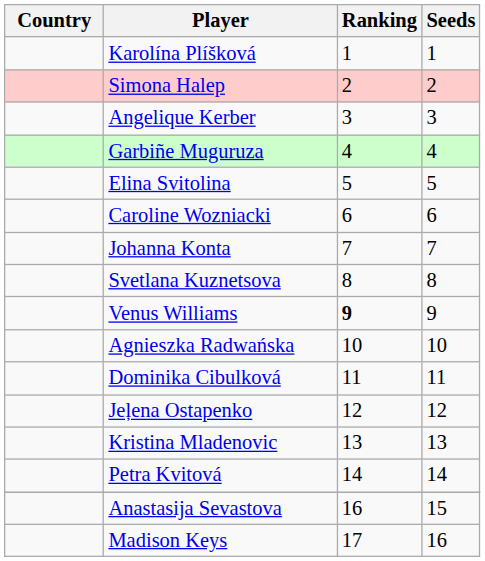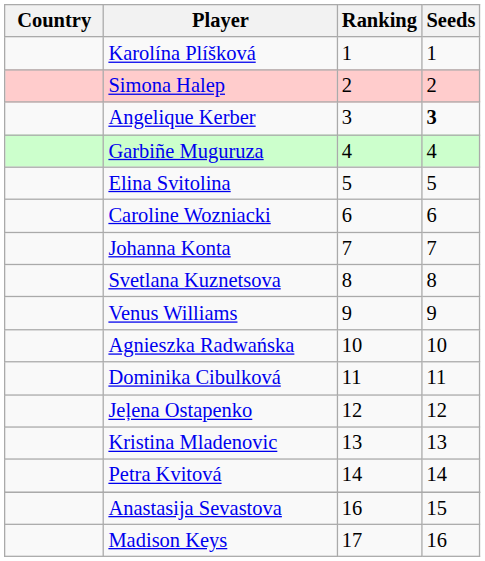 <table class="sortable wikitable">
 <tr>
 <th width="70">Country</th>
 <th width="175">Player</th>
 <th>Ranking</th>
 <th>Seeds</th>
 </tr>
 <tr>
 <td></td>
 <td><a href='#'>Karolína Plíšková</a></td>
 <td>1</td>
 <td>1</td>
 </tr>
 <tr style="background:#fcc;">
 <td></td>
 <td><a href='#'>Simona Halep</a></td>
 <td>2</td>
 <td>2</td>
 </tr>
 <tr>
 <td></td>
 <td><a href='#'>Angelique Kerber</a></td>
 <td>3</td>
-<td>3</td>
+<td><strong>3</strong></td>
 </tr>
 <tr style="background:#cfc;">
 <td></td>
 <td><a href='#'>Garbiñe Muguruza</a></td>
 <td>4</td>
 <td>4</td>
 </tr>
 <tr>
 <td></td>
 <td><a href='#'>Elina Svitolina</a></td>
 <td>5</td>
 <td>5</td>
 </tr>
 <tr>
 <td></td>
 <td><a href='#'>Caroline Wozniacki</a></td>
 <td>6</td>
 <td>6</td>
 </tr>
 <tr>
 <td></td>
 <td><a href='#'>Johanna Konta</a></td>
 <td>7</td>
 <td>7</td>
 </tr>
 <tr>
 <td></td>
 <td><a href='#'>Svetlana Kuznetsova</a></td>
 <td>8</td>
 <td>8</td>
 </tr>
 <tr>
 <td></td>
 <td><a href='#'>Venus Williams</a></td>
-<td><strong>9</strong></td>
+<td>9</td>
 <td>9</td>
 </tr>
 <tr>
 <td></td>
 <td><a href='#'>Agnieszka Radwańska</a></td>
 <td>10</td>
 <td>10</td>
 </tr>
 <tr>
 <td></td>
 <td><a href='#'>Dominika Cibulková</a></td>
 <td>11</td>
 <td>11</td>
 </tr>
 <tr>
 <td></td>
 <td><a href='#'>Jeļena Ostapenko</a></td>
 <td>12</td>
 <td>12</td>
 </tr>
 <tr>
 <td></td>
 <td><a href='#'>Kristina Mladenovic</a></td>
 <td>13</td>
 <td>13</td>
 </tr>
 <tr>
 <td></td>
 <td><a href='#'>Petra Kvitová</a></td>
 <td>14</td>
 <td>14</td>
 </tr>
 <tr>
 </tr>
 <tr>
 <td></td>
 <td><a href='#'>Anastasija Sevastova</a></td>
 <td>16</td>
 <td>15</td>
 </tr>
 <tr>
 <td></td>
 <td><a href='#'>Madison Keys</a></td>
 <td>17</td>
 <td>16</td>
 </tr>
 </table>
